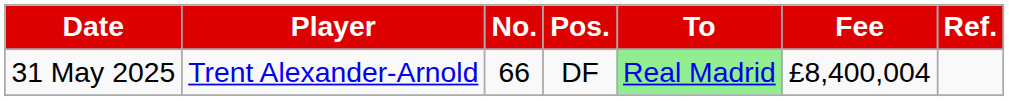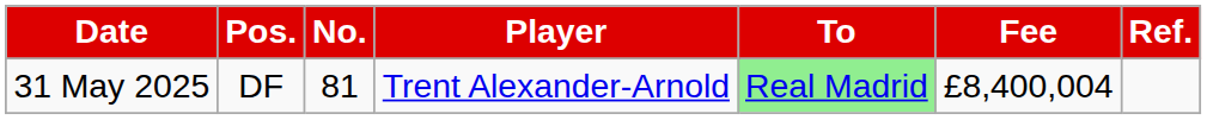 <table class="wikitable plainrowheaders sortable">
 <tr>
 <th style="background:#DD0000; color:white; ">Date</th>
+<th style="background:#DD0000; color:white; ">Pos.</th>
+<th style="background:#DD0000; color:white; ">No.</th>
 <th style="background:#DD0000; color:white; ">Player</th>
-<th style="background:#DD0000; color:white; ">No.</th>
-<th style="background:#DD0000; color:white; ">Pos.</th>
 <th style="background:#DD0000; color:white; ">To</th>
 <th style="background:#DD0000; color:white; ">Fee</th>
 <th style="background:#DD0000; color:white; ">Ref.</th>
 </tr>
 <tr>
 <td>31 May 2025</td>
+<td style="text-align:center">DF</td>
+<td style="text-align:center">81</td>
 <td> <a href='#'>Trent Alexander-Arnold</a></td>
-<td style="text-align:center">66</td>
-<td style="text-align:center">DF</td>
 <td style="background: lightgreen;"> <a href='#'>Real Madrid</a></td>
 <td> £8,400,004</td>
 <td></td>
 </tr>
 </table>
